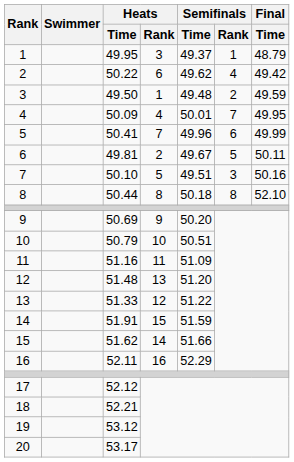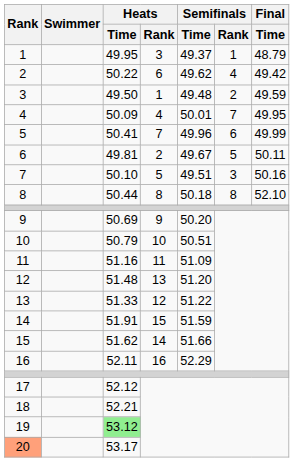 <table class="wikitable" style="text-align:center;">
 <tr>
 <th rowspan="2">Rank</th>
 <th rowspan="2">Swimmer</th>
 <th colspan="2">Heats</th>
 <th colspan="2">Semifinals</th>
 <th>Final</th>
 </tr>
 <tr>
 <th>Time</th>
 <th>Rank</th>
 <th>Time</th>
 <th>Rank</th>
 <th>Time</th>
 </tr>
 <tr>
 <td>1</td>
 <td align="left"></td>
 <td>49.95</td>
 <td>3</td>
 <td>49.37</td>
 <td>1</td>
 <td>48.79 </td>
 </tr>
 <tr>
 <td>2</td>
 <td align="left"></td>
 <td>50.22</td>
 <td>6</td>
 <td>49.62</td>
 <td>4</td>
 <td>49.42</td>
 </tr>
 <tr>
 <td>3</td>
 <td align="left"></td>
 <td>49.50</td>
 <td>1</td>
 <td>49.48</td>
 <td>2</td>
 <td>49.59</td>
 </tr>
 <tr>
 <td>4</td>
 <td align="left"></td>
 <td>50.09</td>
 <td>4</td>
 <td>50.01</td>
 <td>7</td>
 <td>49.95</td>
 </tr>
 <tr>
 <td>5</td>
 <td align="left"></td>
 <td>50.41</td>
 <td>7</td>
 <td>49.96</td>
 <td>6</td>
 <td>49.99</td>
 </tr>
 <tr>
 <td>6</td>
 <td align="left"></td>
 <td>49.81</td>
 <td>2</td>
 <td>49.67</td>
 <td>5</td>
 <td>50.11</td>
 </tr>
 <tr>
 <td>7</td>
 <td align="left"></td>
 <td>50.10</td>
 <td>5</td>
 <td>49.51</td>
 <td>3</td>
 <td>50.16</td>
 </tr>
 <tr>
 <td>8</td>
 <td align="left"></td>
 <td>50.44</td>
 <td>8</td>
 <td>50.18</td>
 <td>8</td>
 <td>52.10</td>
 </tr>
 <tr>
 <td colspan=7 bgcolor=lightgray></td>
 </tr>
 <tr>
 <td>9</td>
 <td align="left"></td>
 <td>50.69</td>
 <td>9</td>
 <td>50.20</td>
 <td colspan="2" rowspan=8></td>
 </tr>
 <tr>
 <td>10</td>
 <td align="left"></td>
 <td>50.79</td>
 <td>10</td>
 <td>50.51</td>
 </tr>
 <tr>
 <td>11</td>
 <td align="left"></td>
 <td>51.16</td>
 <td>11</td>
 <td>51.09</td>
 </tr>
 <tr>
 <td>12</td>
 <td align="left"></td>
 <td>51.48</td>
 <td>13</td>
 <td>51.20</td>
 </tr>
 <tr>
 <td>13</td>
 <td align="left"></td>
 <td>51.33</td>
 <td>12</td>
 <td>51.22</td>
 </tr>
 <tr>
 <td>14</td>
 <td align="left"></td>
 <td>51.91</td>
 <td>15</td>
 <td>51.59</td>
 </tr>
 <tr>
 <td>15</td>
 <td align="left"></td>
 <td>51.62</td>
 <td>14</td>
 <td>51.66</td>
 </tr>
 <tr>
 <td>16</td>
 <td align="left"></td>
 <td>52.11</td>
 <td>16</td>
 <td>52.29</td>
 </tr>
 <tr>
 <td colspan=7 bgcolor=lightgray></td>
 </tr>
 <tr>
 <td>17</td>
 <td align="left"></td>
 <td>52.12</td>
 <td colspan=4 rowspan=4></td>
 </tr>
 <tr>
 <td>18</td>
 <td align="left"></td>
 <td>52.21</td>
 </tr>
 <tr>
 <td>19</td>
 <td align="left"></td>
-<td>53.12</td>
+<td style="background: lightgreen;">53.12</td>
 </tr>
 <tr>
-<td>20</td>
+<td style="background: lightsalmon;">20</td>
 <td align="left"></td>
 <td>53.17</td>
 </tr>
 </table>
